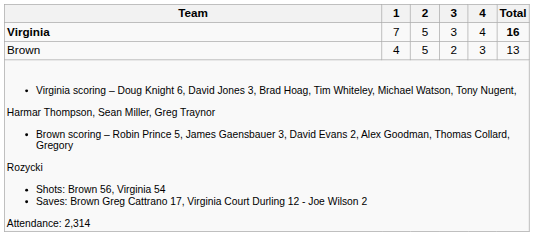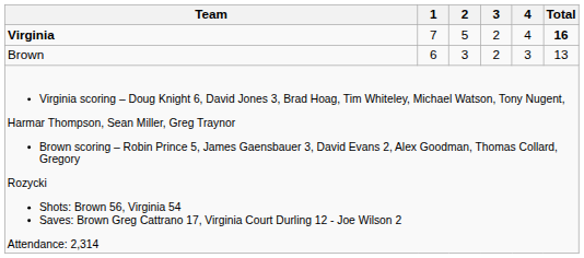 <table class="wikitable" style="text-align:center; max-width:45em">
 <tr>
 <th>Team</th>
 <th style="width:2em">1</th>
 <th style="width:2em">2</th>
 <th style="width:2em">3</th>
 <th style="width:2em">4</th>
 <th style="width:2em">Total</th>
 </tr>
 <tr>
 <td style="text-align:left"><strong>Virginia</strong></td>
 <td>7</td>
 <td>5</td>
-<td>3</td>
+<td>2</td>
 <td>4</td>
 <td><strong>16</strong></td>
 </tr>
 <tr>
 <td style="text-align:left">Brown</td>
-<td>4</td>
-<td>5</td>
+<td>6</td>
+<td>3</td>
 <td>2</td>
 <td>3</td>
 <td>13</td>
 </tr>
 <tr>
 <td colspan=6 style="text-align:left; font-size:88%;"><br><ul><li>Virginia scoring – Doug Knight 6, David Jones 3, Brad Hoag, Tim Whiteley, Michael Watson, Tony Nugent,</li></ul>Harmar Thompson, Sean Miller, Greg Traynor<ul><li>Brown scoring – Robin Prince 5, James Gaensbauer 3, David Evans 2, Alex Goodman, Thomas Collard, Gregory</li></ul>Rozycki<ul><li>Shots: Brown 56, Virginia 54</li><li>Saves: Brown Greg Cattrano 17, Virginia Court Durling 12 - Joe Wilson 2</li></ul>Attendance: 2,314 </td>
 </tr>
 </table>
